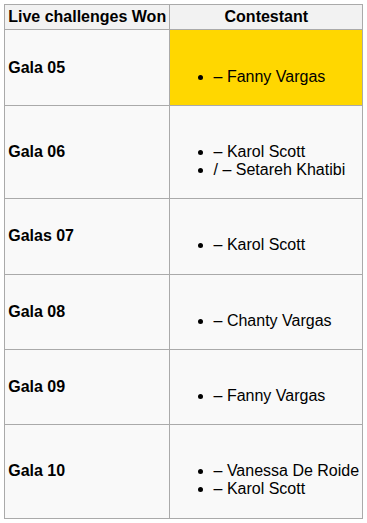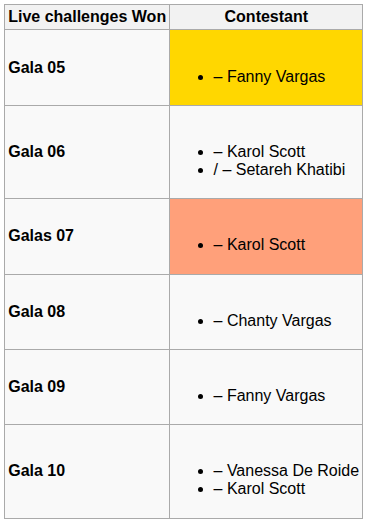 <table class="wikitable">
 <tr>
 <th>Live challenges Won</th>
 <th>Contestant</th>
 </tr>
 <tr>
 <td><strong>Gala 05</strong></td>
 <td style="background: gold;"><br><ul><li><strong></strong> – Fanny Vargas</li></ul></td>
 </tr>
 <tr>
 <td><strong>Gala 06</strong></td>
 <td><br><ul><li><strong></strong> – Karol Scott</li><li><strong></strong>/<strong></strong> – Setareh Khatibi</li></ul></td>
 </tr>
 <tr>
 <td><strong>Galas 07</strong></td>
-<td><br><ul><li><strong></strong> – Karol Scott</li></ul></td>
+<td style="background: lightsalmon;"><br><ul><li><strong></strong> – Karol Scott</li></ul></td>
 </tr>
 <tr>
 <td><strong>Gala 08</strong></td>
 <td><br><ul><li><strong></strong> – Chanty Vargas</li></ul></td>
 </tr>
 <tr>
 <td><strong>Gala 09</strong></td>
 <td><br><ul><li><strong></strong> – Fanny Vargas</li></ul></td>
 </tr>
 <tr>
 <td><strong>Gala 10</strong></td>
 <td><br><ul><li><strong></strong> – Vanessa De Roide</li><li><strong></strong> – Karol Scott</li></ul></td>
 </tr>
 </table>
